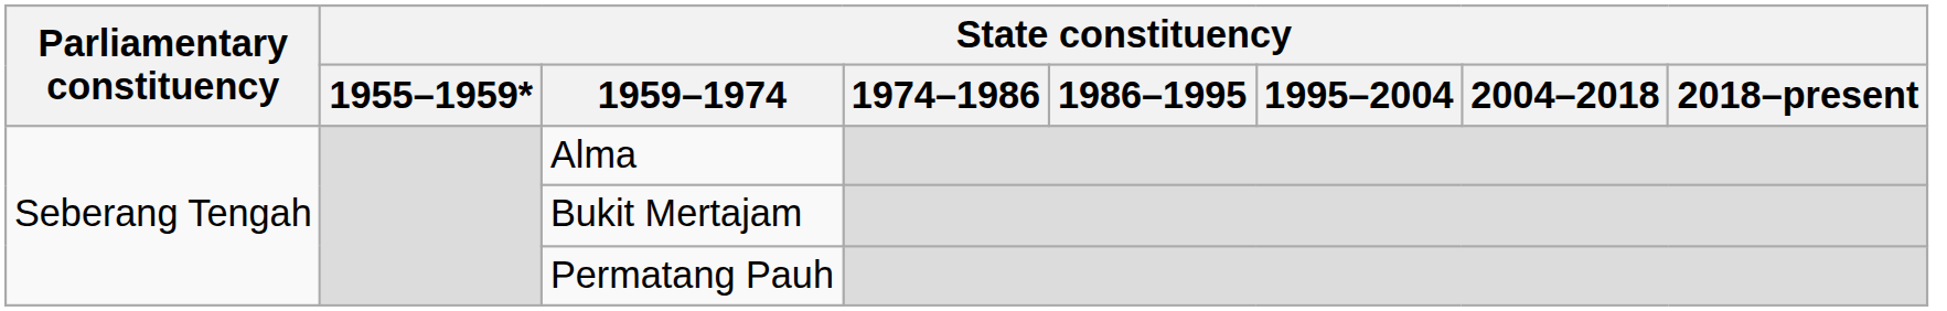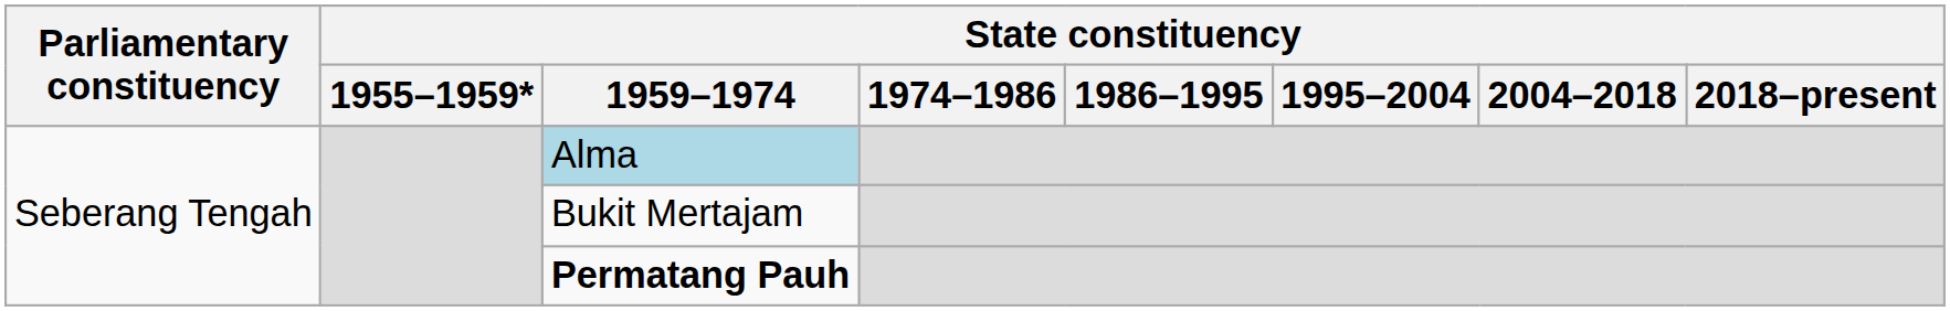 <table class="wikitable">
 <tr>
 <th rowspan="2">Parliamentary<br>constituency</th>
 <th colspan="7">State constituency</th>
 </tr>
 <tr>
 <th>1955–1959*</th>
 <th>1959–1974</th>
 <th>1974–1986</th>
 <th>1986–1995</th>
 <th>1995–2004</th>
 <th>2004–2018</th>
 <th>2018–present</th>
 </tr>
 <tr>
 <td rowspan="3">Seberang Tengah</td>
 <td rowspan="3" bgcolor="dcdcdc"></td>
-<td>Alma</td>
+<td style="background: lightblue;">Alma</td>
 <td colspan="5" bgcolor="dcdcdc"></td>
 </tr>
 <tr>
 <td>Bukit Mertajam</td>
 <td colspan="5" bgcolor="dcdcdc"></td>
 </tr>
 <tr>
-<td>Permatang Pauh</td>
+<td><strong>Permatang Pauh</strong></td>
 <td colspan="5" bgcolor="dcdcdc"></td>
 </tr>
 </table>
